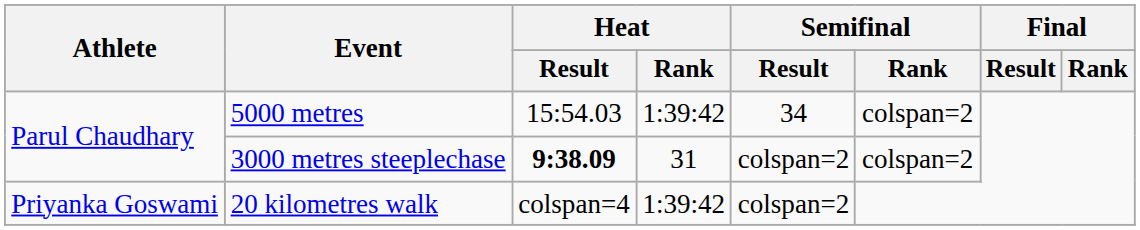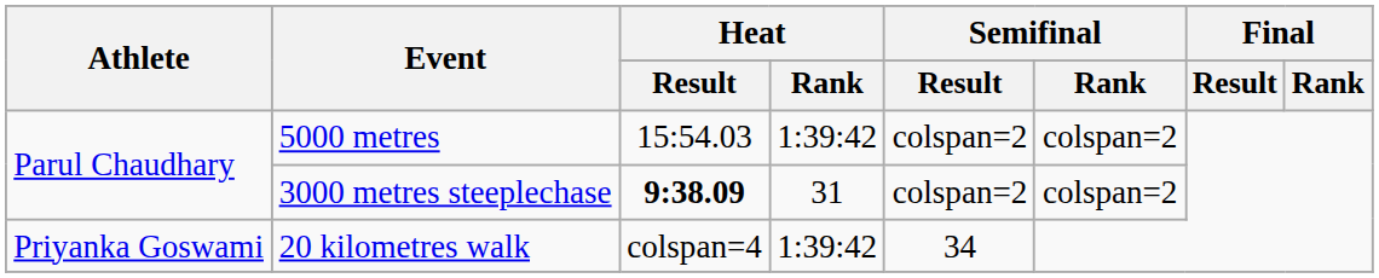 <table class="wikitable" style="font-size:90%">
 <tr>
 <th rowspan="2">Athlete</th>
 <th rowspan="2">Event</th>
 <th colspan="2">Heat</th>
 <th colspan="2">Semifinal</th>
 <th colspan="2">Final</th>
 </tr>
 <tr style="font-size:95%">
 <th>Result</th>
 <th>Rank</th>
 <th>Result</th>
 <th>Rank</th>
 <th>Result</th>
 <th>Rank</th>
 </tr>
 <tr style=text-align:center>
 <td rowspan="2" style="text-align:left"><a href='#'>Parul Chaudhary</a></td>
 <td style=text-align:left><a href='#'>5000 metres</a></td>
 <td>15:54.03</td>
 <td>1:39:42</td>
-<td>34</td>
+<td>colspan=2 </td>
 <td>colspan=2 </td>
 </tr>
 <tr style=text-align:center>
 <td style=text-align:left><a href='#'>3000 metres steeplechase</a></td>
 <td><strong>9:38.09 </strong></td>
 <td>31</td>
 <td>colspan=2 </td>
 <td>colspan=2 </td>
 </tr>
 <tr style=text-align:center>
 <td style=text-align:left><a href='#'>Priyanka Goswami</a></td>
 <td style=text-align:left><a href='#'>20 kilometres walk</a></td>
 <td>colspan=4 </td>
 <td>1:39:42</td>
-<td>colspan=2 </td>
+<td>34</td>
 </tr>
 </table>
